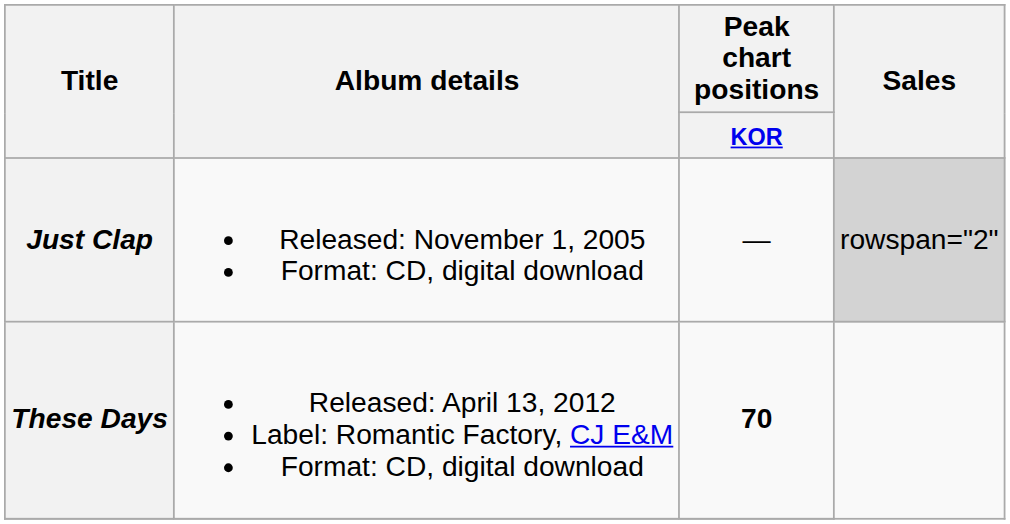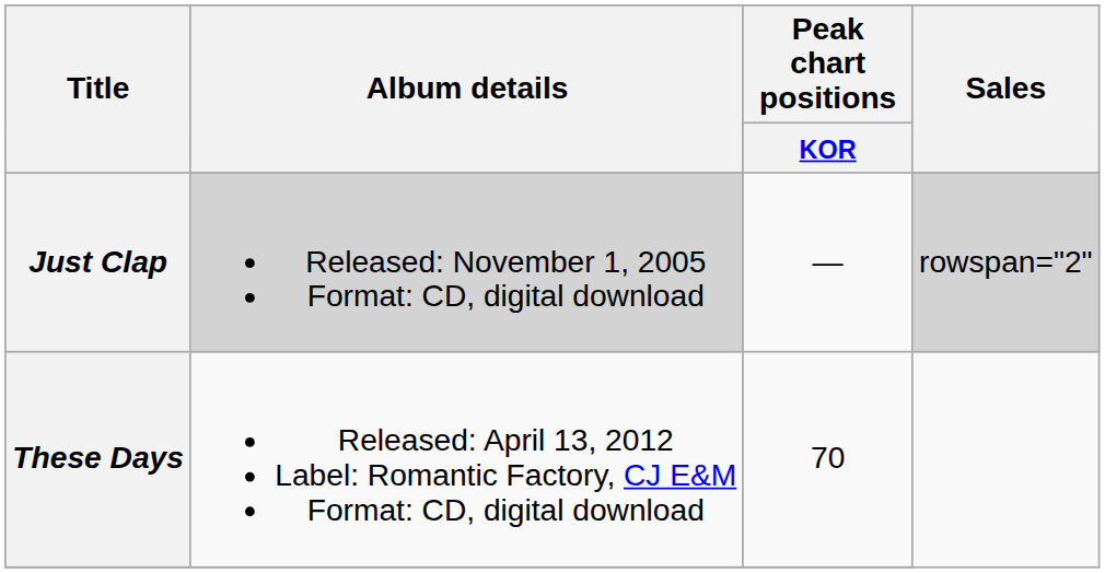 <table class="wikitable plainrowheaders" style="text-align:center;">
 <tr>
 <th scope="col" rowspan="2">Title</th>
 <th scope="col" rowspan="2">Album details</th>
 <th scope="col" colspan="1" style="width:5em;">Peak chart positions</th>
 <th scope="col" rowspan="2">Sales</th>
 </tr>
 <tr>
 <th><small><a href='#'>KOR</a></small><br></th>
 </tr>
 <tr>
 <th scope="row"><em>Just Clap</em></th>
-<td><br><ul><li>Released: November 1, 2005</li><li>Format: CD, digital download</li></ul></td>
+<td style="background: lightgrey;"><br><ul><li>Released: November 1, 2005</li><li>Format: CD, digital download</li></ul></td>
 <td>—</td>
 <td style="background: lightgrey;">rowspan="2" </td>
 </tr>
 <tr>
 <th scope="row"><em>These Days</em></th>
 <td><br><ul><li>Released: April 13, 2012</li><li>Label: Romantic Factory, <a href='#'>CJ E&M</a></li><li>Format: CD, digital download</li></ul></td>
-<td><strong>70</strong></td>
+<td>70</td>
 </tr>
 <tr>
 </tr>
 </table>
